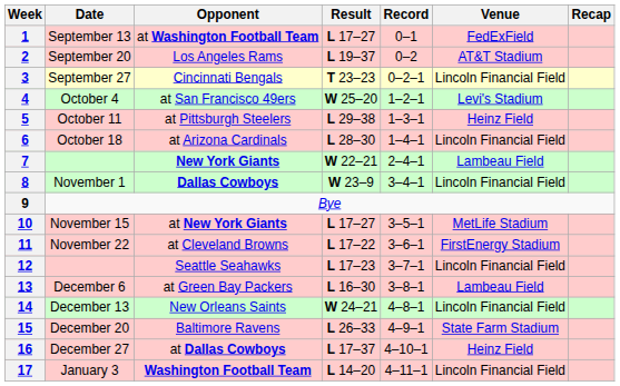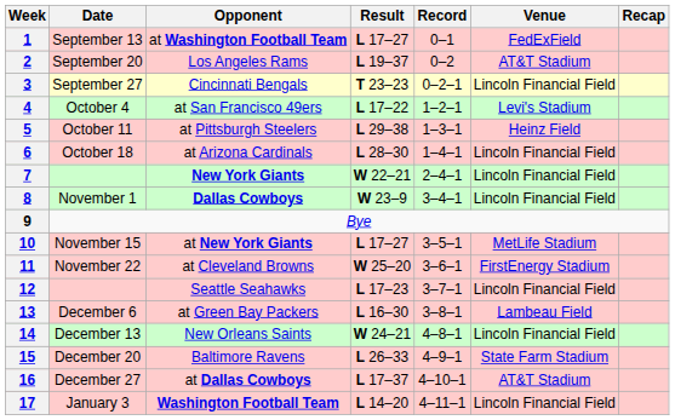 <table class="wikitable" style="text-align:center">
 <tr>
 <th>Week</th>
 <th>Date</th>
 <th>Opponent</th>
 <th>Result</th>
 <th>Record</th>
 <th>Venue</th>
 <th>Recap</th>
 </tr>
 <tr style="background:#fcc">
 <th><a href='#'>1</a></th>
 <td>September 13</td>
 <td>at <strong><a href='#'>Washington Football Team</a></strong></td>
 <td><strong>L</strong> 17–27</td>
 <td>0–1</td>
 <td><a href='#'>FedExField</a></td>
 <td></td>
 </tr>
 <tr style="background:#fcc">
 <th><a href='#'>2</a></th>
 <td>September 20</td>
 <td><a href='#'>Los Angeles Rams</a></td>
 <td><strong>L</strong> 19–37</td>
 <td>0–2</td>
 <td><a href='#'>AT&T Stadium</a></td>
 <td></td>
 </tr>
 <tr style="background:#ffc">
 <th><a href='#'>3</a></th>
 <td>September 27</td>
 <td><a href='#'>Cincinnati Bengals</a></td>
 <td><strong>T</strong> 23–23 </td>
 <td>0–2–1</td>
 <td>Lincoln Financial Field</td>
 <td></td>
 </tr>
 <tr style="background:#cfc">
 <th><a href='#'>4</a></th>
 <td>October 4</td>
 <td>at <a href='#'>San Francisco 49ers</a></td>
-<td><strong>W</strong> 25–20</td>
+<td><strong>L</strong> 17–22</td>
 <td>1–2–1</td>
 <td><a href='#'>Levi's Stadium</a></td>
 <td></td>
 </tr>
 <tr style="background:#fcc">
 <th><a href='#'>5</a></th>
 <td>October 11</td>
 <td>at <a href='#'>Pittsburgh Steelers</a></td>
 <td><strong>L</strong> 29–38</td>
 <td>1–3–1</td>
 <td><a href='#'>Heinz Field</a></td>
 <td></td>
 </tr>
 <tr style="background:#fcc">
 <th><a href='#'>6</a></th>
 <td>October 18</td>
 <td>at <a href='#'>Arizona Cardinals</a></td>
 <td><strong>L</strong> 28–30</td>
 <td>1–4–1</td>
 <td>Lincoln Financial Field</td>
 <td></td>
 </tr>
 <tr style="background:#cfc">
 <th><a href='#'>7</a></th>
 <td></td>
 <td><strong><a href='#'>New York Giants</a></strong></td>
 <td><strong>W</strong> 22–21</td>
 <td>2–4–1</td>
-<td><a href='#'>Lambeau Field</a></td>
+<td>Lincoln Financial Field</td>
 <td></td>
 </tr>
 <tr style="background:#cfc">
 <th><a href='#'>8</a></th>
 <td>November 1</td>
 <td><strong><a href='#'>Dallas Cowboys</a></strong></td>
 <td><strong>W</strong> 23–9</td>
 <td>3–4–1</td>
 <td>Lincoln Financial Field</td>
 <td></td>
 </tr>
 <tr>
 <th>9</th>
 <td colspan="6"><em><a href='#'>Bye</a></em></td>
 </tr>
 <tr style="background:#fcc">
 <th><a href='#'>10</a></th>
 <td>November 15</td>
 <td>at <strong><a href='#'>New York Giants</a></strong></td>
 <td><strong>L</strong> 17–27</td>
 <td>3–5–1</td>
 <td><a href='#'>MetLife Stadium</a></td>
 <td></td>
 </tr>
 <tr style="background:#fcc">
 <th><a href='#'>11</a></th>
 <td>November 22</td>
 <td>at <a href='#'>Cleveland Browns</a></td>
-<td><strong>L</strong> 17–22</td>
+<td><strong>W</strong> 25–20</td>
 <td>3–6–1</td>
 <td><a href='#'>FirstEnergy Stadium</a></td>
 <td></td>
 </tr>
 <tr style="background:#fcc">
 <th><a href='#'>12</a></th>
 <td></td>
 <td><a href='#'>Seattle Seahawks</a></td>
 <td><strong>L</strong> 17–23</td>
 <td>3–7–1</td>
 <td>Lincoln Financial Field</td>
 <td></td>
 </tr>
 <tr style="background:#fcc">
 <th><a href='#'>13</a></th>
 <td>December 6</td>
 <td>at <a href='#'>Green Bay Packers</a></td>
 <td><strong>L</strong> 16–30</td>
 <td>3–8–1</td>
 <td><a href='#'>Lambeau Field</a></td>
 <td></td>
 </tr>
 <tr style="background:#cfc">
 <th><a href='#'>14</a></th>
 <td>December 13</td>
 <td><a href='#'>New Orleans Saints</a></td>
 <td><strong>W</strong> 24–21</td>
 <td>4–8–1</td>
 <td>Lincoln Financial Field</td>
 <td></td>
 </tr>
 <tr style="background:#fcc">
 <th><a href='#'>15</a></th>
 <td>December 20</td>
 <td><a href='#'>Baltimore Ravens</a></td>
 <td><strong>L</strong> 26–33</td>
 <td>4–9–1</td>
 <td><a href='#'>State Farm Stadium</a></td>
 <td></td>
 </tr>
 <tr style="background:#fcc">
 <th><a href='#'>16</a></th>
 <td>December 27</td>
 <td>at <strong><a href='#'>Dallas Cowboys</a></strong></td>
 <td><strong>L</strong> 17–37</td>
 <td>4–10–1</td>
-<td><a href='#'>Heinz Field</a></td>
+<td><a href='#'>AT&T Stadium</a></td>
 <td></td>
 </tr>
 <tr style="background:#fcc">
 <th><a href='#'>17</a></th>
 <td>January 3</td>
 <td><strong><a href='#'>Washington Football Team</a></strong></td>
 <td><strong>L</strong> 14–20</td>
 <td>4–11–1</td>
 <td>Lincoln Financial Field</td>
 <td></td>
 </tr>
 </table>
